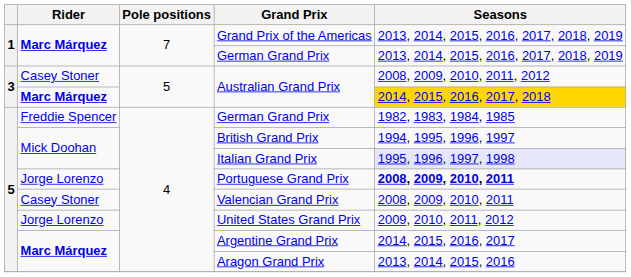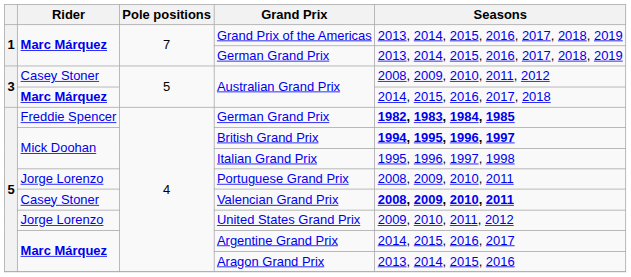 <table class="wikitable" style="text-align:center">
 <tr>
 <th></th>
 <th>Rider</th>
 <th>Pole positions</th>
 <th>Grand Prix</th>
 <th>Seasons</th>
 </tr>
 <tr>
 <th rowspan=2>1</th>
 <td rowspan=2 style="text-align:left"> <strong><a href='#'>Marc Márquez</a></strong></td>
 <td rowspan=2>7</td>
 <td style="text-align:left"><a href='#'>Grand Prix of the Americas</a></td>
 <td style="text-align:left"><a href='#'>2013</a>, <a href='#'>2014</a>, <a href='#'>2015</a>, <a href='#'>2016</a>, <a href='#'>2017</a>, <a href='#'>2018</a>, <a href='#'>2019</a></td>
 </tr>
 <tr>
 <td style="text-align:left"><a href='#'>German Grand Prix</a></td>
 <td style="text-align:left"><a href='#'>2013</a>, <a href='#'>2014</a>, <a href='#'>2015</a>, <a href='#'>2016</a>, <a href='#'>2017</a>, <a href='#'>2018</a>, <a href='#'>2019</a></td>
 </tr>
 <tr>
 <th rowspan=2>3</th>
 <td style="text-align:left"> <a href='#'>Casey Stoner</a></td>
 <td rowspan=2>5</td>
 <td rowspan=2 style="text-align:left"><a href='#'>Australian Grand Prix</a></td>
 <td style="text-align:left"><a href='#'>2008</a>, <a href='#'>2009</a>, <a href='#'>2010</a>, <a href='#'>2011</a>, <a href='#'>2012</a></td>
 </tr>
 <tr>
 <td style="text-align:left"> <strong><a href='#'>Marc Márquez</a></strong></td>
-<td style="background: gold; text-align:left"><a href='#'>2014</a>, <a href='#'>2015</a>, <a href='#'>2016</a>, <a href='#'>2017</a>, <a href='#'>2018</a></td>
+<td style="text-align:left"><a href='#'>2014</a>, <a href='#'>2015</a>, <a href='#'>2016</a>, <a href='#'>2017</a>, <a href='#'>2018</a></td>
 </tr>
 <tr>
 <th rowspan=8>5</th>
 <td style="text-align:left"> <a href='#'>Freddie Spencer</a></td>
 <td rowspan=8>4</td>
 <td style="text-align:left"><a href='#'>German Grand Prix</a></td>
-<td style="text-align:left"><a href='#'>1982</a>, <a href='#'>1983</a>, <a href='#'>1984</a>, <a href='#'>1985</a></td>
+<td style="text-align:left"><strong><a href='#'>1982</a>, <a href='#'>1983</a>, <a href='#'>1984</a>, <a href='#'>1985</a></strong></td>
 </tr>
 <tr>
 <td rowspan=2 style="text-align:left"> <a href='#'>Mick Doohan</a></td>
 <td style="text-align:left"><a href='#'>British Grand Prix</a></td>
-<td style="text-align:left"><a href='#'>1994</a>, <a href='#'>1995</a>, <a href='#'>1996</a>, <a href='#'>1997</a></td>
+<td style="text-align:left"><strong><a href='#'>1994</a>, <a href='#'>1995</a>, <a href='#'>1996</a>, <a href='#'>1997</a></strong></td>
 </tr>
 <tr>
 <td style="text-align:left"><a href='#'>Italian Grand Prix</a></td>
-<td style="background: lavender; text-align:left"><a href='#'>1995</a>, <a href='#'>1996</a>, <a href='#'>1997</a>, <a href='#'>1998</a></td>
+<td style="text-align:left"><a href='#'>1995</a>, <a href='#'>1996</a>, <a href='#'>1997</a>, <a href='#'>1998</a></td>
 </tr>
 <tr>
 <td style="text-align:left"> <a href='#'>Jorge Lorenzo</a></td>
 <td style="text-align:left"><a href='#'>Portuguese Grand Prix</a></td>
-<td style="text-align:left"><strong><a href='#'>2008</a>, <a href='#'>2009</a>, <a href='#'>2010</a>, <a href='#'>2011</a></strong></td>
+<td style="text-align:left"><a href='#'>2008</a>, <a href='#'>2009</a>, <a href='#'>2010</a>, <a href='#'>2011</a></td>
 </tr>
 <tr>
 <td style="text-align:left"> <a href='#'>Casey Stoner</a></td>
 <td style="text-align:left"><a href='#'>Valencian Grand Prix</a></td>
-<td style="text-align:left"><a href='#'>2008</a>, <a href='#'>2009</a>, <a href='#'>2010</a>, <a href='#'>2011</a></td>
+<td style="text-align:left"><strong><a href='#'>2008</a>, <a href='#'>2009</a>, <a href='#'>2010</a>, <a href='#'>2011</a></strong></td>
 </tr>
 <tr>
 <td style="text-align:left"> <a href='#'>Jorge Lorenzo</a></td>
 <td style="text-align:left"><a href='#'>United States Grand Prix</a></td>
 <td style="text-align:left"><a href='#'>2009</a>, <a href='#'>2010</a>, <a href='#'>2011</a>, <a href='#'>2012</a></td>
 </tr>
 <tr>
 <td rowspan=2 style="text-align:left"> <strong><a href='#'>Marc Márquez</a></strong></td>
 <td style="text-align:left"><a href='#'>Argentine Grand Prix</a></td>
 <td style="text-align:left"><a href='#'>2014</a>, <a href='#'>2015</a>, <a href='#'>2016</a>, <a href='#'>2017</a></td>
 </tr>
 <tr>
 <td style="text-align:left"><a href='#'>Aragon Grand Prix</a></td>
 <td style="text-align:left"><a href='#'>2013</a>, <a href='#'>2014</a>, <a href='#'>2015</a>, <a href='#'>2016</a></td>
 </tr>
 <tr>
 </tr>
 </table>
